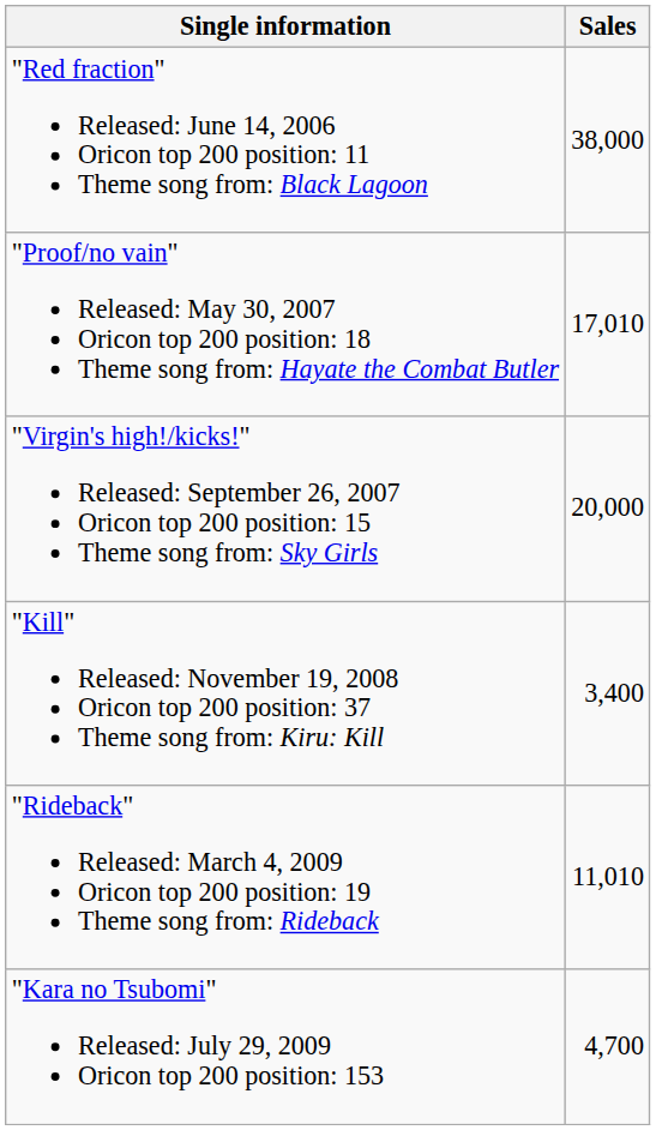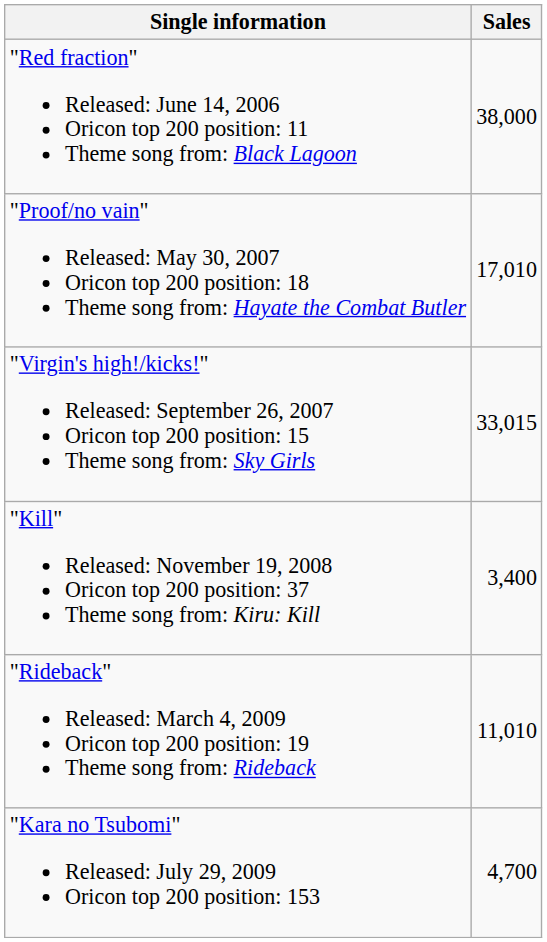 <table class="wikitable">
 <tr>
 <th>Single information</th>
 <th>Sales</th>
 </tr>
 <tr>
 <td>"<a href='#'>Red fraction</a>"<br><ul><li>Released: June 14, 2006</li><li>Oricon top 200 position: 11</li><li>Theme song from: <em><a href='#'>Black Lagoon</a></em></li></ul></td>
 <td align="right">38,000</td>
 </tr>
 <tr>
 <td>"<a href='#'>Proof/no vain</a>"<br><ul><li>Released: May 30, 2007</li><li>Oricon top 200 position: 18</li><li>Theme song from: <em><a href='#'>Hayate the Combat Butler</a></em></li></ul></td>
 <td align="right">17,010</td>
 </tr>
 <tr>
 <td>"<a href='#'>Virgin's high!/kicks!</a>"<br><ul><li>Released: September 26, 2007</li><li>Oricon top 200 position: 15</li><li>Theme song from: <em><a href='#'>Sky Girls</a></em></li></ul></td>
-<td align="right">20,000</td>
+<td align="right">33,015</td>
 </tr>
 <tr>
 <td>"<a href='#'>Kill</a>"<br><ul><li>Released: November 19, 2008</li><li>Oricon top 200 position: 37</li><li>Theme song from: <em>Kiru: Kill</em></li></ul></td>
 <td align="right">3,400</td>
 </tr>
 <tr>
 <td>"<a href='#'>Rideback</a>"<br><ul><li>Released: March 4, 2009</li><li>Oricon top 200 position: 19</li><li>Theme song from: <em><a href='#'>Rideback</a></em></li></ul></td>
 <td align="right">11,010</td>
 </tr>
 <tr>
 <td>"<a href='#'>Kara no Tsubomi</a>"<br><ul><li>Released: July 29, 2009</li><li>Oricon top 200 position: 153</li></ul></td>
 <td align="right">4,700</td>
 </tr>
 </table>
